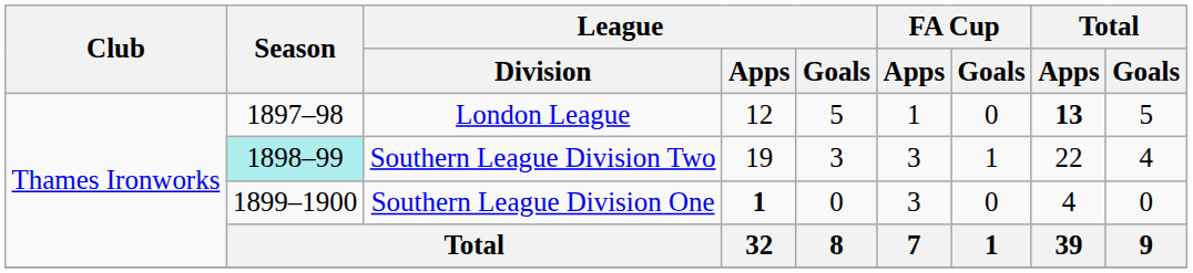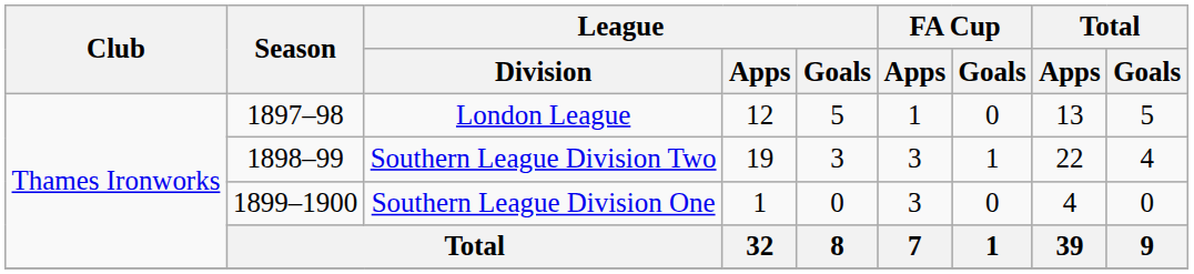 <table class="wikitable" style="text-align: center;">
 <tr>
 <th rowspan="2">Club</th>
 <th rowspan="2">Season</th>
 <th colspan="3">League</th>
 <th colspan="2">FA Cup</th>
 <th colspan="2">Total</th>
 </tr>
 <tr>
 <th>Division</th>
 <th>Apps</th>
 <th>Goals</th>
 <th>Apps</th>
 <th>Goals</th>
 <th>Apps</th>
 <th>Goals</th>
 </tr>
 <tr>
 <td rowspan="4"><a href='#'>Thames Ironworks</a></td>
 <td>1897–98</td>
 <td><a href='#'>London League</a></td>
 <td>12</td>
 <td>5</td>
 <td>1</td>
 <td>0</td>
-<td><strong>13</strong></td>
+<td>13</td>
 <td>5</td>
 </tr>
 <tr>
-<td style="background: paleturquoise;">1898–99</td>
+<td>1898–99</td>
 <td><a href='#'>Southern League Division Two</a></td>
 <td>19</td>
 <td>3</td>
 <td>3</td>
 <td>1</td>
 <td>22</td>
 <td>4</td>
 </tr>
 <tr>
 <td>1899–1900</td>
 <td><a href='#'>Southern League Division One</a></td>
-<td><strong>1</strong></td>
+<td>1</td>
 <td>0</td>
 <td>3</td>
 <td>0</td>
 <td>4</td>
 <td>0</td>
 </tr>
 <tr>
 <th colspan="2">Total</th>
 <th>32</th>
 <th>8</th>
 <th>7</th>
 <th>1</th>
 <th>39</th>
 <th>9</th>
 </tr>
 <tr>
 </tr>
 </table>
